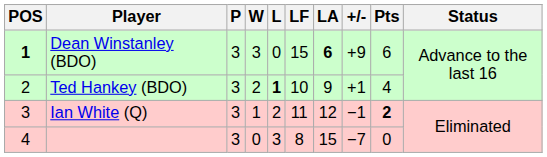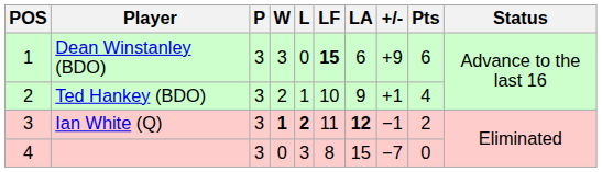 <table class="wikitable" style="text-align:center; margin: 1em auto 1em auto, align:left">
 <tr>
 <th width=20>POS</th>
 <th width=169>Player</th>
 <th width=3>P</th>
 <th width=3>W</th>
 <th width=3>L</th>
 <th width=20>LF</th>
 <th width=20>LA</th>
 <th width=20>+/-</th>
 <th width=20>Pts</th>
 <th width=129>Status</th>
 </tr>
 <tr style="background:#CCFFCC;">
-<td><strong>1</strong></td>
+<td>1</td>
 <td style="text-align:left;"> <a href='#'>Dean Winstanley</a> (BDO)</td>
 <td>3</td>
 <td>3</td>
 <td>0</td>
-<td>15</td>
-<td><strong>6</strong></td>
+<td><strong>15</strong></td>
+<td>6</td>
 <td>+9</td>
 <td>6</td>
 <td rowspan=2>Advance to the last 16</td>
 </tr>
 <tr style="background:#CCFFCC;">
 <td>2</td>
 <td style="text-align:left;"> <a href='#'>Ted Hankey</a> (BDO)</td>
 <td>3</td>
 <td>2</td>
-<td><strong>1</strong></td>
+<td>1</td>
 <td>10</td>
 <td>9</td>
 <td>+1</td>
 <td>4</td>
 </tr>
 <tr style="background:#FFCCCC;">
 <td>3</td>
 <td style="text-align:left;"> <a href='#'>Ian White</a> (Q)</td>
 <td>3</td>
-<td>1</td>
+<td><strong>1</strong></td>
+<td><strong>2</strong></td>
+<td>11</td>
+<td><strong>12</strong></td>
+<td>−1</td>
 <td>2</td>
-<td>11</td>
-<td>12</td>
-<td>−1</td>
-<td><strong>2</strong></td>
 <td rowspan=2>Eliminated</td>
 </tr>
 <tr style="background:#FFCCCC;">
 <td>4</td>
 <td style="text-align:left;"></td>
 <td>3</td>
 <td>0</td>
 <td>3</td>
 <td>8</td>
 <td>15</td>
 <td>−7</td>
 <td>0</td>
 </tr>
 </table>
